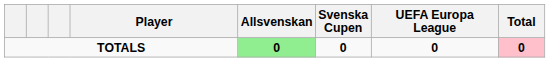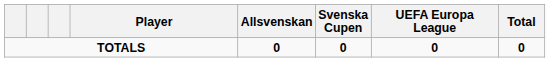 <table class="wikitable sortable" style="font-size: 95%; text-align: center;">
 <tr>
 <th width=20></th>
 <th width=20></th>
 <th width=20></th>
 <th width=200>Player</th>
 <th width=50>Allsvenskan</th>
 <th width=50>Svenska Cupen</th>
 <th width=150>UEFA Europa League</th>
 <th width=50><strong>Total</strong></th>
 </tr>
 <tr>
 <td colspan="4"><strong>TOTALS</strong></td>
-<td style="background: lightgreen;"><strong>0</strong></td>
 <td><strong>0</strong></td>
 <td><strong>0</strong></td>
-<td style="background: pink;"><strong>0</strong></td>
+<td><strong>0</strong></td>
+<td><strong>0</strong></td>
 </tr>
 </table>
